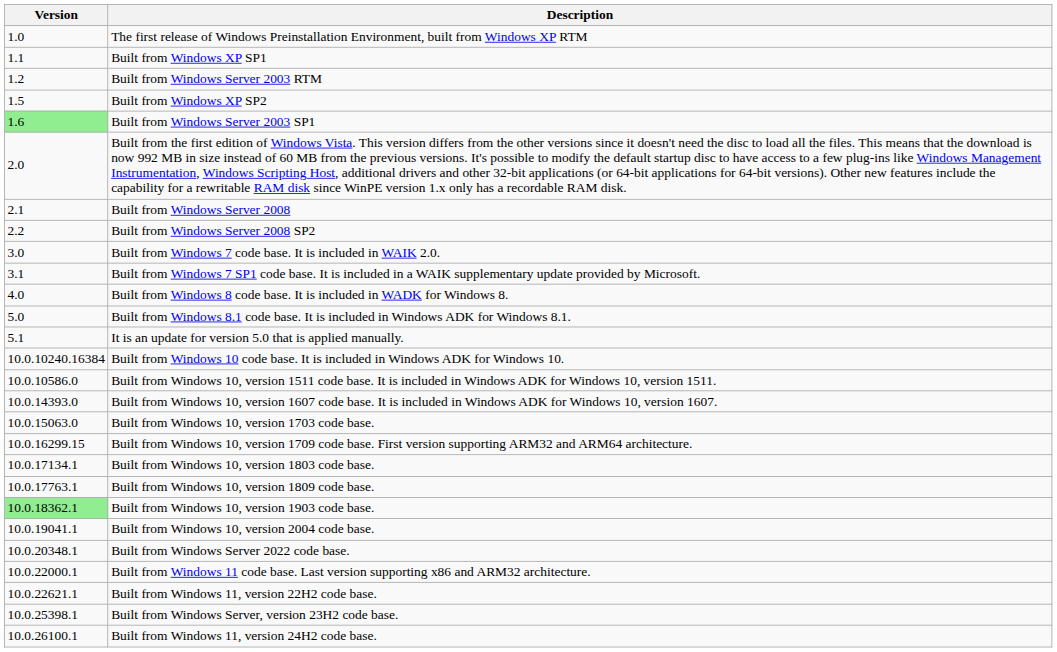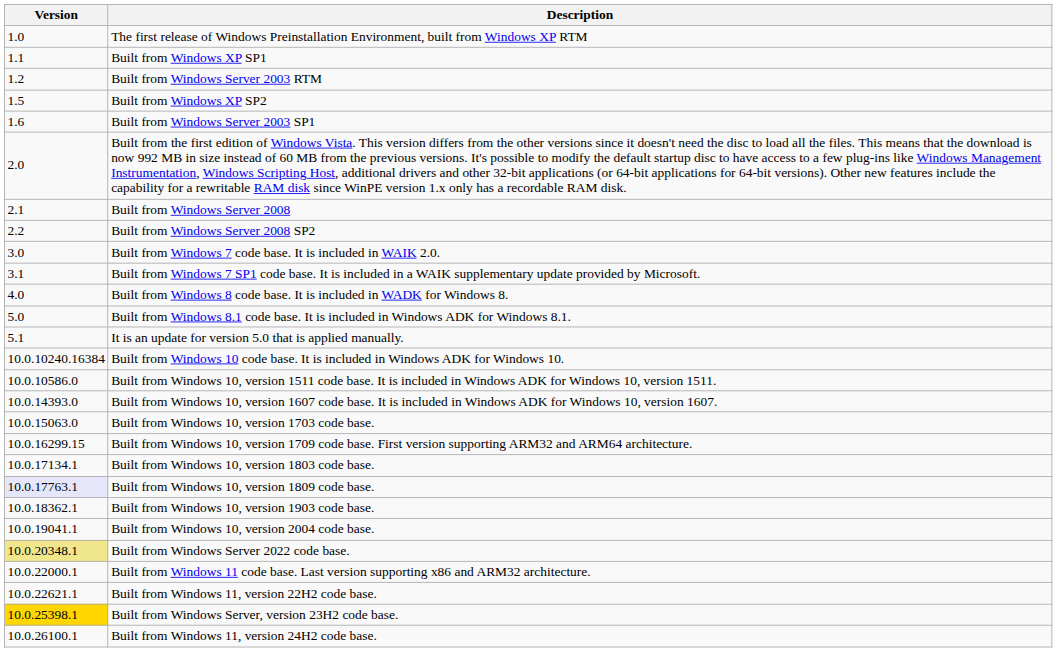 <table class=wikitable>
 <tr>
 <th>Version</th>
 <th>Description</th>
 </tr>
 <tr>
 <td>1.0</td>
 <td>The first release of Windows Preinstallation Environment, built from <a href='#'>Windows XP</a> RTM</td>
 </tr>
 <tr>
 <td>1.1</td>
 <td>Built from <a href='#'>Windows XP</a> SP1</td>
 </tr>
 <tr>
 <td>1.2</td>
 <td>Built from <a href='#'>Windows Server 2003</a> RTM</td>
 </tr>
 <tr>
 <td>1.5</td>
 <td>Built from <a href='#'>Windows XP</a> SP2</td>
 </tr>
 <tr>
-<td style="background: lightgreen;">1.6</td>
+<td>1.6</td>
 <td>Built from <a href='#'>Windows Server 2003</a> SP1</td>
 </tr>
 <tr>
 <td>2.0</td>
 <td>Built from the first edition of <a href='#'>Windows Vista</a>. This version differs from the other versions since it doesn't need the disc to load all the files. This means that the download is now 992 MB in size instead of 60 MB from the previous versions. It's possible to modify the default startup disc to have access to a few plug-ins like <a href='#'>Windows Management Instrumentation</a>, <a href='#'>Windows Scripting Host</a>, additional drivers and other 32-bit applications (or 64-bit applications for 64-bit versions). Other new features include the capability for a rewritable <a href='#'>RAM disk</a> since WinPE version 1.x only has a recordable RAM disk.</td>
 </tr>
 <tr>
 <td>2.1</td>
 <td>Built from <a href='#'>Windows Server 2008</a></td>
 </tr>
 <tr>
 <td>2.2</td>
 <td>Built from <a href='#'>Windows Server 2008</a> SP2</td>
 </tr>
 <tr>
 <td>3.0</td>
 <td>Built from <a href='#'>Windows 7</a> code base. It is included in <a href='#'>WAIK</a> 2.0.</td>
 </tr>
 <tr>
 <td>3.1</td>
 <td>Built from <a href='#'>Windows 7 SP1</a> code base. It is included in a WAIK supplementary update provided by Microsoft.</td>
 </tr>
 <tr>
 <td>4.0</td>
 <td>Built from <a href='#'>Windows 8</a> code base. It is included in <a href='#'>WADK</a> for Windows 8.</td>
 </tr>
 <tr>
 <td>5.0</td>
 <td>Built from <a href='#'>Windows 8.1</a> code base. It is included in Windows ADK for Windows 8.1.</td>
 </tr>
 <tr>
 <td>5.1</td>
 <td>It is an update for version 5.0 that is applied manually.</td>
 </tr>
 <tr>
 <td>10.0.10240.16384</td>
 <td>Built from <a href='#'>Windows 10</a> code base. It is included in Windows ADK for Windows 10.</td>
 </tr>
 <tr>
 <td>10.0.10586.0</td>
 <td>Built from Windows 10, version 1511 code base. It is included in Windows ADK for Windows 10, version 1511.</td>
 </tr>
 <tr>
 <td>10.0.14393.0</td>
 <td>Built from Windows 10, version 1607 code base. It is included in Windows ADK for Windows 10, version 1607.</td>
 </tr>
 <tr>
 <td>10.0.15063.0</td>
 <td>Built from Windows 10, version 1703 code base.</td>
 </tr>
 <tr>
 <td>10.0.16299.15</td>
 <td>Built from Windows 10, version 1709 code base. First version supporting ARM32 and ARM64 architecture.</td>
 </tr>
 <tr>
 <td>10.0.17134.1</td>
 <td>Built from Windows 10, version 1803 code base.</td>
 </tr>
 <tr>
-<td>10.0.17763.1</td>
+<td style="background: lavender;">10.0.17763.1</td>
 <td>Built from Windows 10, version 1809 code base.</td>
 </tr>
 <tr>
-<td style="background: lightgreen;">10.0.18362.1</td>
+<td>10.0.18362.1</td>
 <td>Built from Windows 10, version 1903 code base.</td>
 </tr>
 <tr>
 <td>10.0.19041.1</td>
 <td>Built from Windows 10, version 2004 code base.</td>
 </tr>
 <tr>
-<td>10.0.20348.1</td>
+<td style="background: khaki;">10.0.20348.1</td>
 <td>Built from Windows Server 2022 code base.</td>
 </tr>
 <tr>
 <td>10.0.22000.1</td>
 <td>Built from <a href='#'>Windows 11</a> code base. Last version supporting x86 and ARM32 architecture.</td>
 </tr>
 <tr>
 <td>10.0.22621.1</td>
 <td>Built from Windows 11, version 22H2 code base.</td>
 </tr>
 <tr>
-<td>10.0.25398.1</td>
+<td style="background: gold;">10.0.25398.1</td>
 <td>Built from Windows Server, version 23H2 code base.</td>
 </tr>
 <tr>
 <td>10.0.26100.1</td>
 <td>Built from Windows 11, version 24H2 code base.</td>
 </tr>
 </table>
